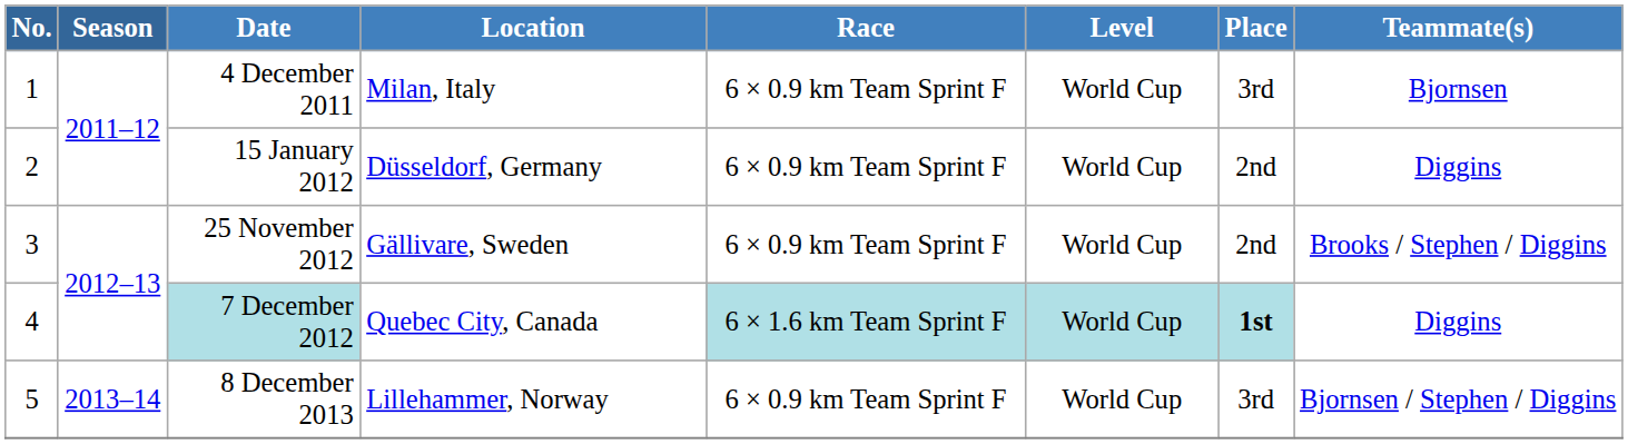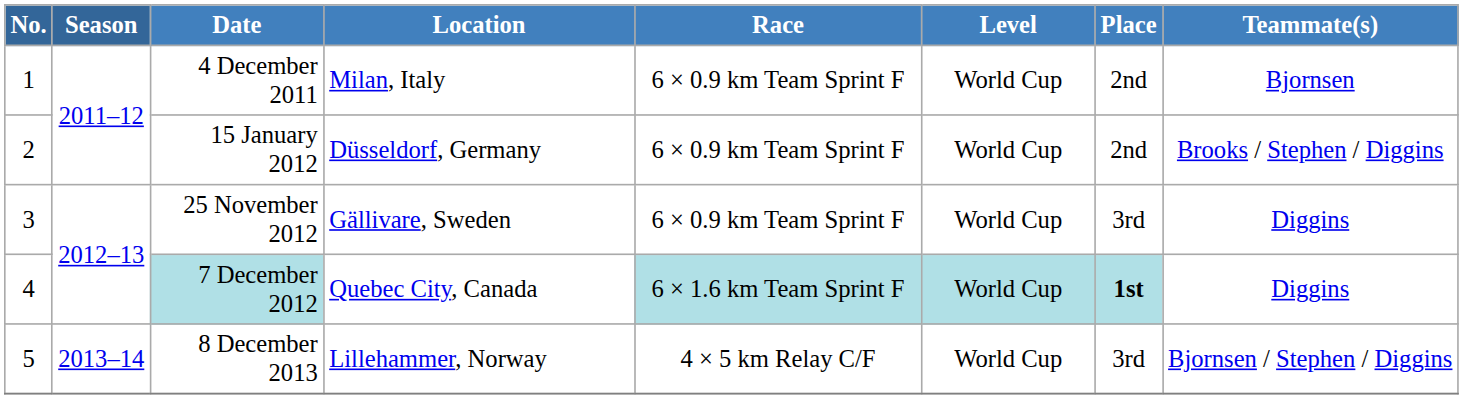 <table class="wikitable sortable" style="font-size:95%; text-align:center; border:grey solid 1px; border-collapse:collapse; background:#ffffff;">
 <tr style="background:#efefef;">
 <th style="background-color:#369; color:white;">No.</th>
 <th style="background-color:#369; color:white;">Season</th>
 <th style="background-color:#4180be; color:white; width:100px;">Date</th>
 <th style="background-color:#4180be; color:white; width:185px;">Location</th>
 <th style="background-color:#4180be; color:white; width:170px;">Race</th>
 <th style="background-color:#4180be; color:white; width:100px;">Level</th>
 <th style="background-color:#4180be; color:white;">Place</th>
 <th style="background-color:#4180be; color:white;">Teammate(s)</th>
 </tr>
 <tr>
 <td align=center>1</td>
 <td rowspan=2 align=center><a href='#'>2011–12</a></td>
 <td align=right>4 December 2011</td>
 <td align=left> <a href='#'>Milan</a>, Italy</td>
 <td>6 × 0.9 km Team Sprint F</td>
 <td>World Cup</td>
-<td>3rd</td>
+<td>2nd</td>
 <td><a href='#'>Bjornsen</a></td>
 </tr>
 <tr>
 <td align=center>2</td>
 <td align=right>15 January 2012</td>
 <td align=left> <a href='#'>Düsseldorf</a>, Germany</td>
 <td>6 × 0.9 km Team Sprint F</td>
 <td>World Cup</td>
 <td>2nd</td>
-<td><a href='#'>Diggins</a></td>
+<td><a href='#'>Brooks</a> / <a href='#'>Stephen</a> / <a href='#'>Diggins</a></td>
 </tr>
 <tr>
 <td align=center>3</td>
 <td rowspan=2 align=center><a href='#'>2012–13</a></td>
 <td align=right>25 November 2012</td>
 <td align=left> <a href='#'>Gällivare</a>, Sweden</td>
 <td>6 × 0.9 km Team Sprint F</td>
 <td>World Cup</td>
-<td>2nd</td>
-<td><a href='#'>Brooks</a> / <a href='#'>Stephen</a> / <a href='#'>Diggins</a></td>
+<td>3rd</td>
+<td><a href='#'>Diggins</a></td>
 </tr>
 <tr>
 <td align=center>4</td>
 <td bgcolor="#BOEOE6" align=right>7 December 2012</td>
 <td align=left> <a href='#'>Quebec City</a>, Canada</td>
 <td bgcolor="#BOEOE6">6 × 1.6 km Team Sprint F</td>
 <td bgcolor="#BOEOE6">World Cup</td>
 <td bgcolor="#BOEOE6"><strong>1st</strong></td>
 <td><a href='#'>Diggins</a></td>
 </tr>
 <tr>
 <td align=center>5</td>
 <td rowspan=1 align=center><a href='#'>2013–14</a></td>
 <td align=right>8 December 2013</td>
 <td align=left> <a href='#'>Lillehammer</a>, Norway</td>
-<td>6 × 0.9 km Team Sprint F</td>
+<td>4 × 5 km Relay C/F</td>
 <td>World Cup</td>
 <td>3rd</td>
 <td><a href='#'>Bjornsen</a> / <a href='#'>Stephen</a> / <a href='#'>Diggins</a></td>
 </tr>
 <tr>
 </tr>
 </table>
